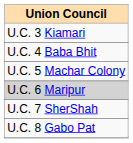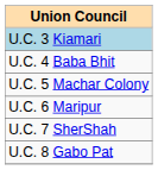 <table class="sortable wikitable" align="left">
 <tr>
 <th style="background:#ffdead;"><strong>Union Council</strong></th>
 </tr>
 <tr>
-<td style="border-bottom:1px solid grey;">U.C. 3 <a href='#'>Kiamari</a></td>
+<td style="background: lightblue; border-bottom:1px solid grey;">U.C. 3 <a href='#'>Kiamari</a></td>
 </tr>
 <tr>
 <td style="border-bottom:1px solid grey;">U.C. 4 <a href='#'>Baba Bhit</a></td>
 </tr>
 <tr>
 <td style="border-bottom:1px solid grey;">U.C. 5 <a href='#'>Machar Colony</a></td>
 </tr>
 <tr>
-<td style="background: lightgrey; border-bottom:1px solid grey;">U.C. 6 <a href='#'>Maripur</a></td>
+<td style="border-bottom:1px solid grey;">U.C. 6 <a href='#'>Maripur</a></td>
 </tr>
 <tr>
 <td style="border-bottom:1px solid grey;">U.C. 7 <a href='#'>SherShah</a></td>
 </tr>
 <tr>
 <td style="border-bottom:1px solid grey;">U.C. 8 <a href='#'>Gabo Pat</a></td>
 </tr>
 <tr>
 </tr>
 </table>
